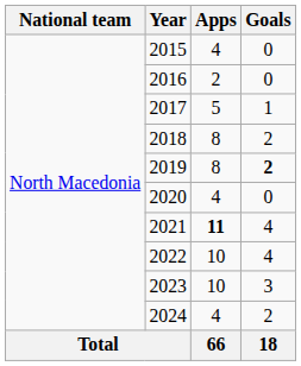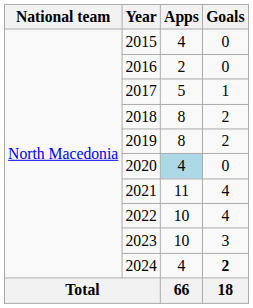 <table class="wikitable" style="text-align:center">
 <tr>
 <th>National team</th>
 <th>Year</th>
 <th>Apps</th>
 <th>Goals</th>
 </tr>
 <tr>
 <td rowspan="10"><a href='#'>North Macedonia</a></td>
 <td>2015</td>
 <td>4</td>
 <td>0</td>
 </tr>
 <tr>
 <td>2016</td>
 <td>2</td>
 <td>0</td>
 </tr>
 <tr>
 <td>2017</td>
 <td>5</td>
 <td>1</td>
 </tr>
 <tr>
 <td>2018</td>
 <td>8</td>
 <td>2</td>
 </tr>
 <tr>
 <td>2019</td>
 <td>8</td>
-<td><strong>2</strong></td>
+<td>2</td>
 </tr>
 <tr>
 <td>2020</td>
-<td>4</td>
+<td style="background: lightblue;">4</td>
 <td>0</td>
 </tr>
 <tr>
 <td>2021</td>
-<td><strong>11</strong></td>
+<td>11</td>
 <td>4</td>
 </tr>
 <tr>
 <td>2022</td>
 <td>10</td>
 <td>4</td>
 </tr>
 <tr>
 <td>2023</td>
 <td>10</td>
 <td>3</td>
 </tr>
 <tr>
 <td>2024</td>
 <td>4</td>
-<td>2</td>
+<td><strong>2</strong></td>
 </tr>
 <tr>
 <th colspan="2">Total</th>
 <th>66</th>
 <th>18</th>
 </tr>
 </table>
